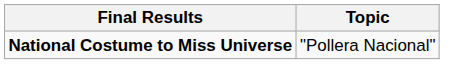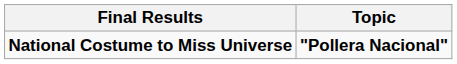 <table class="wikitable">
 <tr>
 <th>Final Results</th>
 <th>Topic</th>
 </tr>
 <tr>
 <td><strong>National Costume to Miss Universe</strong></td>
-<td>"Pollera Nacional"</td>
+<td><strong>"Pollera Nacional"</strong></td>
 </tr>
 </table>
